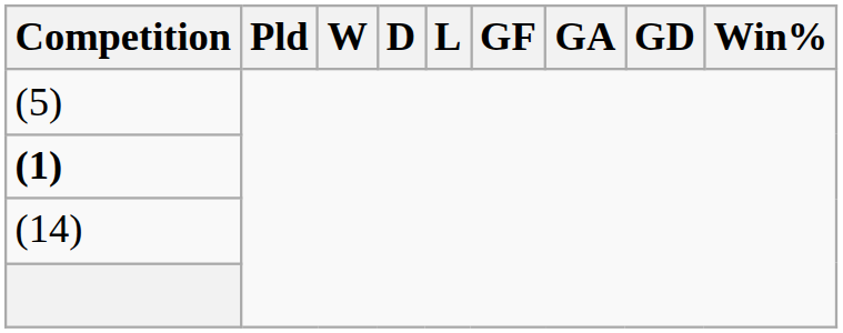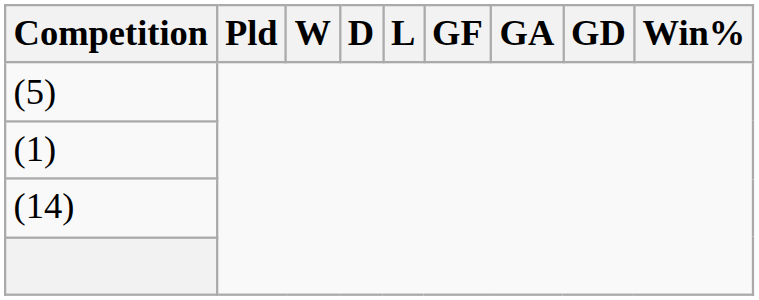 <table class="wikitable sortable" style="text-align: center;">
 <tr>
 <th>Competition</th>
 <th>Pld</th>
 <th>W</th>
 <th>D</th>
 <th>L</th>
 <th>GF</th>
 <th>GA</th>
 <th>GD</th>
 <th>Win%</th>
 </tr>
 <tr>
 <td align=left> (5)<br></td>
 </tr>
 <tr>
-<td align=left><strong> (1)<br></strong></td>
+<td align=left> (1)<br></td>
 </tr>
 <tr>
 <td align=left> (14)<br></td>
 </tr>
 <tr class="sortbottom">
 <th><br></th>
 </tr>
 </table>
